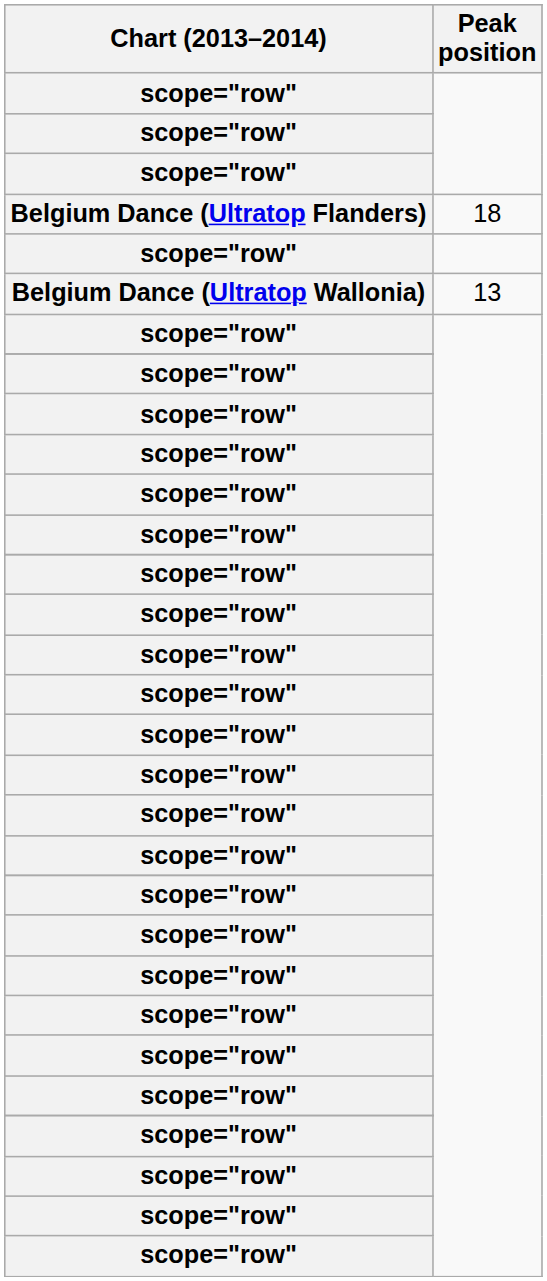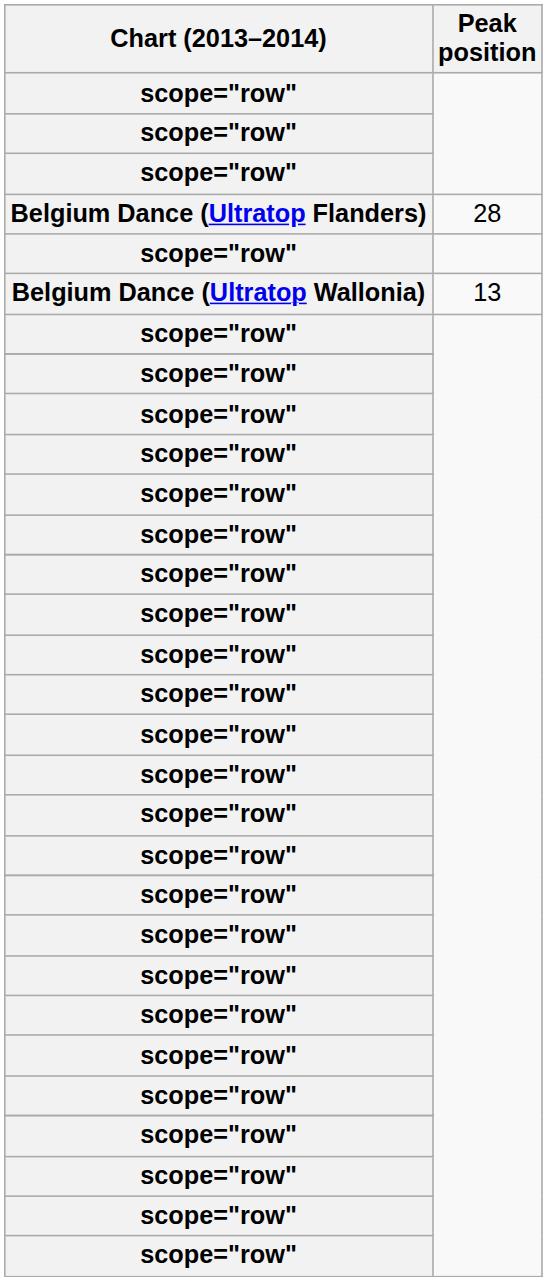 <table class="wikitable plainrowheaders sortable" style="text-align:center;">
 <tr>
 <th scope="col">Chart (2013–2014)</th>
 <th scope="col">Peak<br>position</th>
 </tr>
 <tr>
 <th>scope="row"</th>
 </tr>
 <tr>
 <th>scope="row"</th>
 </tr>
 <tr>
 <th>scope="row"</th>
 </tr>
 <tr>
 <th scope="row">Belgium Dance (<a href='#'>Ultratop</a> Flanders)</th>
-<td>18</td>
+<td>28</td>
 </tr>
 <tr>
 <th>scope="row"</th>
 </tr>
 <tr>
 <th scope="row">Belgium Dance (<a href='#'>Ultratop</a> Wallonia)</th>
 <td>13</td>
 </tr>
 <tr>
 <th>scope="row"</th>
 </tr>
 <tr>
 </tr>
 <tr>
 <th>scope="row"</th>
 </tr>
 <tr>
 <th>scope="row"</th>
 </tr>
 <tr>
 <th>scope="row"</th>
 </tr>
 <tr>
 <th>scope="row"</th>
 </tr>
 <tr>
 <th>scope="row"</th>
 </tr>
 <tr>
 </tr>
 <tr>
 <th>scope="row"</th>
 </tr>
 <tr>
 <th>scope="row"</th>
 </tr>
 <tr>
 <th>scope="row"</th>
 </tr>
 <tr>
 <th>scope="row"</th>
 </tr>
 <tr>
 <th>scope="row"</th>
 </tr>
 <tr>
 <th>scope="row"</th>
 </tr>
 <tr>
 <th>scope="row"</th>
 </tr>
 <tr>
 <th>scope="row"</th>
 </tr>
 <tr>
 </tr>
 <tr>
 <th>scope="row"</th>
 </tr>
 <tr>
 <th>scope="row"</th>
 </tr>
 <tr>
 <th>scope="row"</th>
 </tr>
 <tr>
 <th>scope="row"</th>
 </tr>
 <tr>
 <th>scope="row"</th>
 </tr>
 <tr>
 <th>scope="row"</th>
 </tr>
 <tr>
 </tr>
 <tr>
 <th>scope="row"</th>
 </tr>
 <tr>
 <th>scope="row"</th>
 </tr>
 <tr>
 <th>scope="row"</th>
 </tr>
 <tr>
 <th>scope="row"</th>
 </tr>
 </table>
